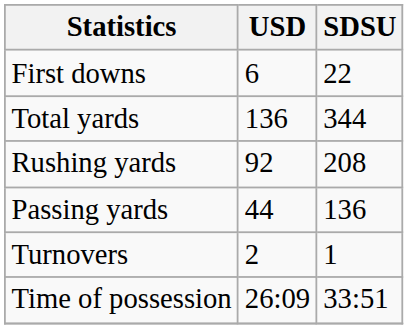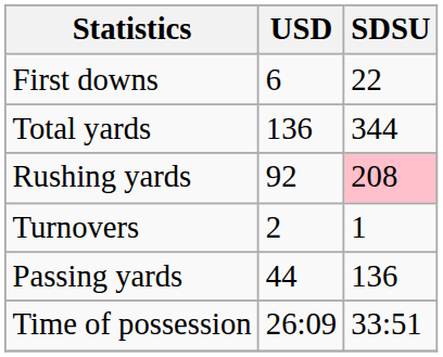 <table class="wikitable">
 <tr>
 <th>Statistics</th>
 <th>USD</th>
 <th>SDSU</th>
 </tr>
 <tr>
 <td>First downs</td>
 <td>6</td>
 <td>22</td>
 </tr>
 <tr>
 <td>Total yards</td>
 <td>136</td>
 <td>344</td>
 </tr>
 <tr>
 <td>Rushing yards</td>
 <td>92</td>
-<td>208</td>
+<td style="background: pink;">208</td>
+</tr>
+<tr>
+<td>Turnovers</td>
+<td>2</td>
+<td>1</td>
 </tr>
 <tr>
 <td>Passing yards</td>
 <td>44</td>
 <td>136</td>
-</tr>
-<tr>
-<td>Turnovers</td>
-<td>2</td>
-<td>1</td>
 </tr>
 <tr>
 <td>Time of possession</td>
 <td>26:09</td>
 <td>33:51</td>
 </tr>
 <tr>
 </tr>
 </table>
